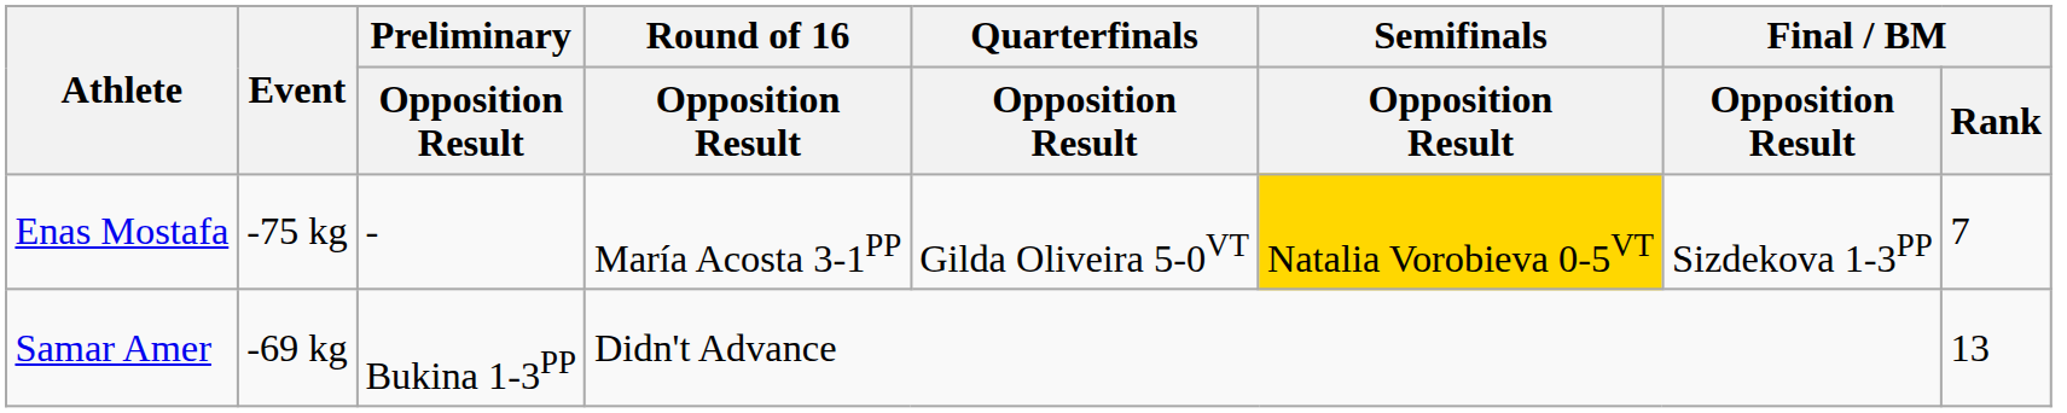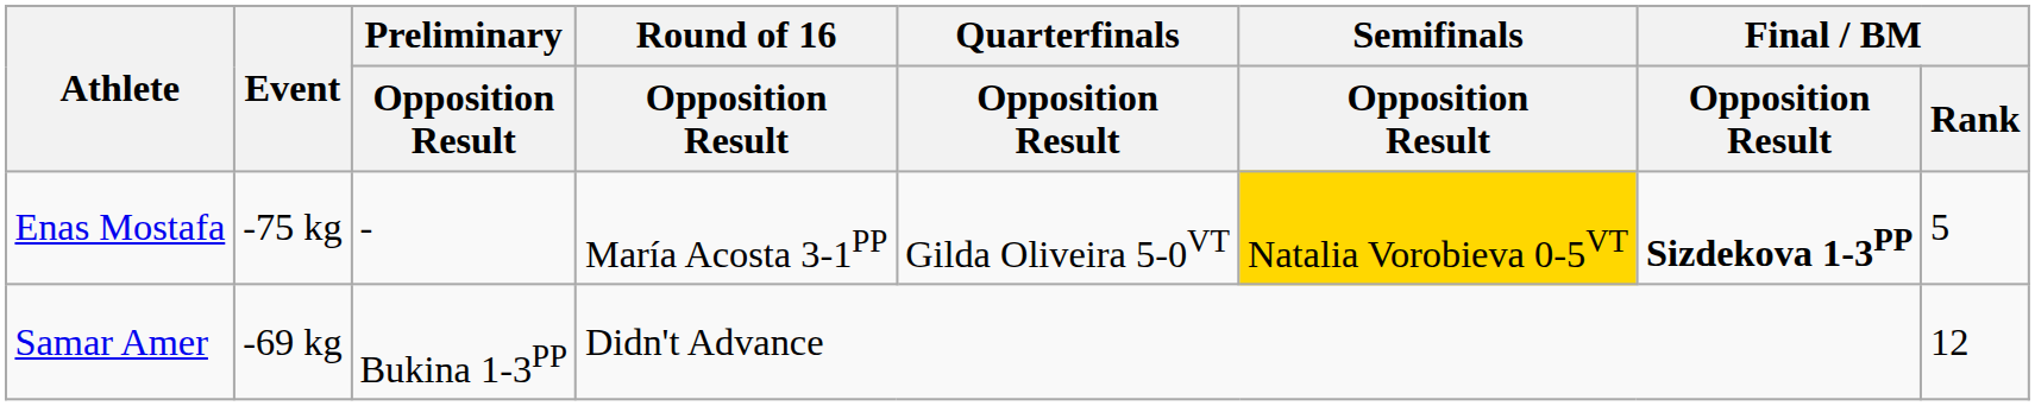 <table class="wikitable">
 <tr>
 <th rowspan="2">Athlete</th>
 <th rowspan="2">Event</th>
 <th>Preliminary</th>
 <th>Round of 16</th>
 <th>Quarterfinals</th>
 <th>Semifinals</th>
 <th colspan="2">Final / <abbr>BM</abbr></th>
 </tr>
 <tr>
 <th>Opposition<br>Result</th>
 <th>Opposition<br>Result</th>
 <th>Opposition<br>Result</th>
 <th>Opposition<br>Result</th>
 <th>Opposition<br>Result</th>
 <th>Rank</th>
 </tr>
 <tr>
 <td><a href='#'>Enas Mostafa</a></td>
 <td>-75 kg</td>
 <td>-</td>
 <td><br>María Acosta 3-1<sup>PP</sup></td>
 <td><br>Gilda Oliveira 5-0<sup>VT</sup></td>
 <td style="background: gold;"><br>Natalia Vorobieva 0-5<sup>VT</sup></td>
-<td><br>Sizdekova 1-3<sup>PP</sup></td>
-<td>7</td>
+<td><strong><br>Sizdekova 1-3<sup>PP</sup></strong></td>
+<td>5</td>
 </tr>
 <tr>
 <td><a href='#'>Samar Amer</a></td>
 <td>-69 kg</td>
 <td><br>Bukina 1-3<sup>PP</sup></td>
 <td colspan="4">Didn't Advance</td>
-<td>13</td>
+<td>12</td>
 </tr>
 </table>
